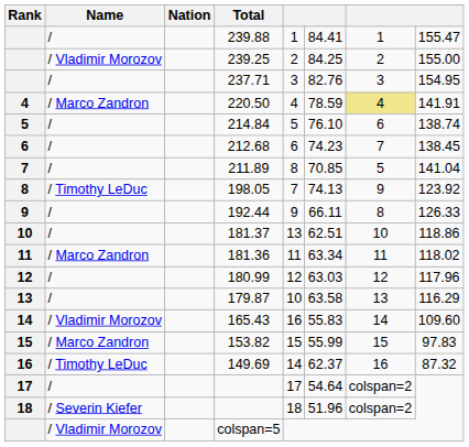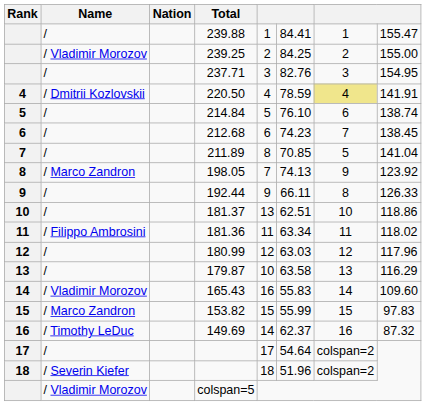 <table class="wikitable sortable" style="text-align:center">
 <tr>
 <th>Rank</th>
 <th>Name</th>
 <th>Nation</th>
 <th>Total</th>
 <th colspan=2></th>
 <th colspan=2></th>
 </tr>
 <tr>
 <th></th>
 <td align="left"> / </td>
 <td align="left"></td>
 <td>239.88</td>
 <td>1</td>
 <td>84.41</td>
 <td>1</td>
 <td>155.47</td>
 </tr>
 <tr>
 <th></th>
 <td align="left"> / <a href='#'>Vladimir Morozov</a></td>
 <td align="left"></td>
 <td>239.25</td>
 <td>2</td>
 <td>84.25</td>
 <td>2</td>
 <td>155.00</td>
 </tr>
 <tr>
 <th></th>
 <td align="left"> / </td>
 <td align="left"></td>
 <td>237.71</td>
 <td>3</td>
 <td>82.76</td>
 <td>3</td>
 <td>154.95</td>
 </tr>
 <tr>
 <th>4</th>
-<td align="left"> / <a href='#'>Marco Zandron</a></td>
+<td align="left"> / <a href='#'>Dmitrii Kozlovskii</a></td>
 <td align="left"></td>
 <td>220.50</td>
 <td>4</td>
 <td>78.59</td>
 <td style="background: khaki;">4</td>
 <td>141.91</td>
 </tr>
 <tr>
 <th>5</th>
 <td align="left"> / </td>
 <td align="left"></td>
 <td>214.84</td>
 <td>5</td>
 <td>76.10</td>
 <td>6</td>
 <td>138.74</td>
 </tr>
 <tr>
 <th>6</th>
 <td align="left"> / </td>
 <td align="left"></td>
 <td>212.68</td>
 <td>6</td>
 <td>74.23</td>
 <td>7</td>
 <td>138.45</td>
 </tr>
 <tr>
 <th>7</th>
 <td align="left"> / </td>
 <td align="left"></td>
 <td>211.89</td>
 <td>8</td>
 <td>70.85</td>
 <td>5</td>
 <td>141.04</td>
 </tr>
 <tr>
 <th>8</th>
-<td align="left"> / <a href='#'>Timothy LeDuc</a></td>
+<td align="left"> / <a href='#'>Marco Zandron</a></td>
 <td align="left"></td>
 <td>198.05</td>
 <td>7</td>
 <td>74.13</td>
 <td>9</td>
 <td>123.92</td>
 </tr>
 <tr>
 <th>9</th>
 <td align="left"> / </td>
 <td align="left"></td>
 <td>192.44</td>
 <td>9</td>
 <td>66.11</td>
 <td>8</td>
 <td>126.33</td>
 </tr>
 <tr>
 <th>10</th>
 <td align="left"> / </td>
 <td align="left"></td>
 <td>181.37</td>
 <td>13</td>
 <td>62.51</td>
 <td>10</td>
 <td>118.86</td>
 </tr>
 <tr>
 <th>11</th>
-<td align="left"> / <a href='#'>Marco Zandron</a></td>
+<td align="left"> / <a href='#'>Filippo Ambrosini</a></td>
 <td align="left"></td>
 <td>181.36</td>
 <td>11</td>
 <td>63.34</td>
 <td>11</td>
 <td>118.02</td>
 </tr>
 <tr>
 <th>12</th>
 <td align="left"> / </td>
 <td align="left"></td>
 <td>180.99</td>
 <td>12</td>
 <td>63.03</td>
 <td>12</td>
 <td>117.96</td>
 </tr>
 <tr>
 <th>13</th>
 <td align="left"> / </td>
 <td align="left"></td>
 <td>179.87</td>
 <td>10</td>
 <td>63.58</td>
 <td>13</td>
 <td>116.29</td>
 </tr>
 <tr>
 <th>14</th>
 <td align="left"> / <a href='#'>Vladimir Morozov</a></td>
 <td align="left"></td>
 <td>165.43</td>
 <td>16</td>
 <td>55.83</td>
 <td>14</td>
 <td>109.60</td>
 </tr>
 <tr>
 <th>15</th>
 <td align="left"> / <a href='#'>Marco Zandron</a></td>
 <td align="left"></td>
 <td>153.82</td>
 <td>15</td>
 <td>55.99</td>
 <td>15</td>
 <td>97.83</td>
 </tr>
 <tr>
 <th>16</th>
 <td align="left"> / <a href='#'>Timothy LeDuc</a></td>
 <td align="left"></td>
 <td>149.69</td>
 <td>14</td>
 <td>62.37</td>
 <td>16</td>
 <td>87.32</td>
 </tr>
 <tr>
 <th>17</th>
 <td align="left"> / </td>
 <td align="left"></td>
 <td></td>
 <td>17</td>
 <td>54.64</td>
 <td>colspan=2 </td>
 </tr>
 <tr>
 <th>18</th>
 <td align="left"> / <a href='#'>Severin Kiefer</a></td>
 <td align="left"></td>
 <td></td>
 <td>18</td>
 <td>51.96</td>
 <td>colspan=2 </td>
 </tr>
 <tr>
 <th></th>
 <td align="left"> / <a href='#'>Vladimir Morozov</a></td>
 <td align="left"></td>
 <td>colspan=5 </td>
 </tr>
 </table>
